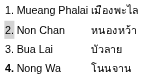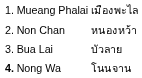 <table>
 <tr>
 <td>1.</td>
 <td>Mueang Phalai</td>
 <td>เมืองพะไล</td>
 <td></td>
 </tr>
 <tr>
-<td style="background: lightgrey;">2.</td>
+<td>2.</td>
 <td>Non Chan</td>
 <td>หนองหว้า</td>
 <td></td>
 </tr>
 <tr>
 <td>3.</td>
 <td>Bua Lai</td>
 <td>บัวลาย</td>
 <td></td>
 </tr>
 <tr>
 <td><strong>4.</strong></td>
 <td>Nong Wa</td>
 <td>โนนจาน</td>
 <td></td>
 </tr>
 </table>
